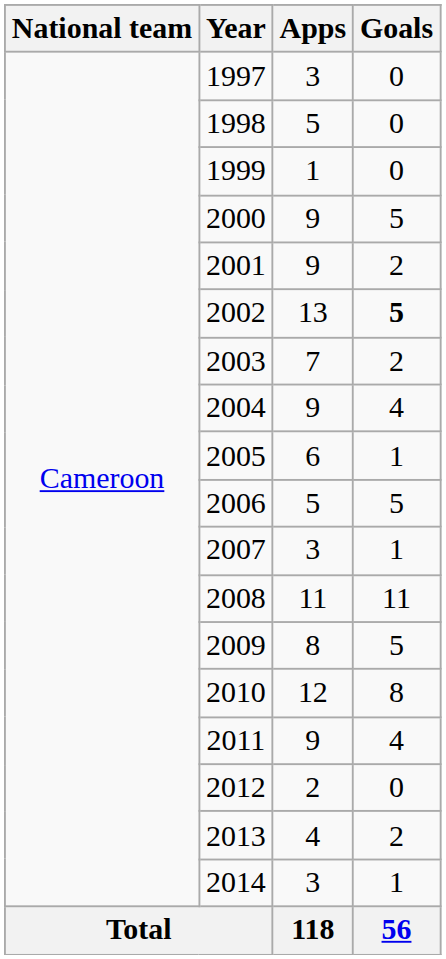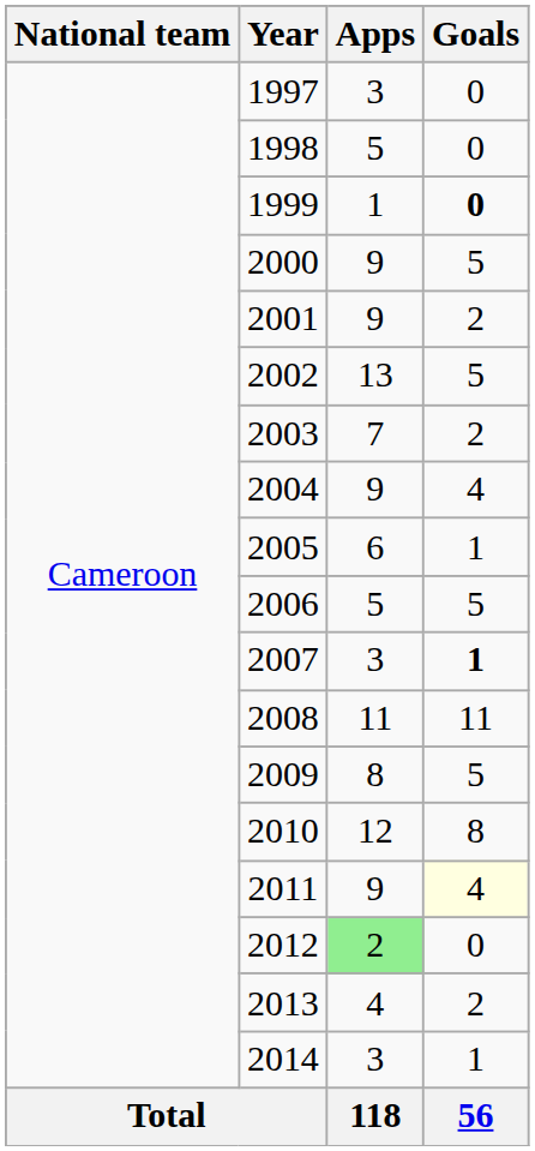 <table class="wikitable" style="text-align:center">
 <tr>
 <th>National team</th>
 <th>Year</th>
 <th>Apps</th>
 <th>Goals</th>
 </tr>
 <tr>
 <td rowspan="18"><a href='#'>Cameroon</a></td>
 <td>1997</td>
 <td>3</td>
 <td>0</td>
 </tr>
 <tr>
 <td>1998</td>
 <td>5</td>
 <td>0</td>
 </tr>
 <tr>
 <td>1999</td>
 <td>1</td>
-<td>0</td>
+<td><strong>0</strong></td>
 </tr>
 <tr>
 <td>2000</td>
 <td>9</td>
 <td>5</td>
 </tr>
 <tr>
 <td>2001</td>
 <td>9</td>
 <td>2</td>
 </tr>
 <tr>
 <td>2002</td>
 <td>13</td>
-<td><strong>5</strong></td>
+<td>5</td>
 </tr>
 <tr>
 <td>2003</td>
 <td>7</td>
 <td>2</td>
 </tr>
 <tr>
 <td>2004</td>
 <td>9</td>
 <td>4</td>
 </tr>
 <tr>
 <td>2005</td>
 <td>6</td>
 <td>1</td>
 </tr>
 <tr>
 <td>2006</td>
 <td>5</td>
 <td>5</td>
 </tr>
 <tr>
 <td>2007</td>
 <td>3</td>
-<td>1</td>
+<td><strong>1</strong></td>
 </tr>
 <tr>
 <td>2008</td>
 <td>11</td>
 <td>11</td>
 </tr>
 <tr>
 <td>2009</td>
 <td>8</td>
 <td>5</td>
 </tr>
 <tr>
 <td>2010</td>
 <td>12</td>
 <td>8</td>
 </tr>
 <tr>
 <td>2011</td>
 <td>9</td>
-<td>4</td>
+<td style="background: lightyellow;">4</td>
 </tr>
 <tr>
 <td>2012</td>
-<td>2</td>
+<td style="background: lightgreen;">2</td>
 <td>0</td>
 </tr>
 <tr>
 <td>2013</td>
 <td>4</td>
 <td>2</td>
 </tr>
 <tr>
 <td>2014</td>
 <td>3</td>
 <td>1</td>
 </tr>
 <tr>
 <th colspan="2">Total</th>
 <th>118</th>
 <th><a href='#'>56</a></th>
 </tr>
 </table>
